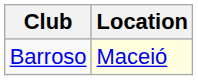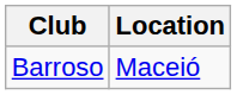 <table class="wikitable sortable">
 <tr>
 <th>Club</th>
 <th>Location</th>
 </tr>
 <tr>
 <td><a href='#'>Barroso</a></td>
-<td style="background: lightyellow;"><a href='#'>Maceió</a></td>
+<td><a href='#'>Maceió</a></td>
 </tr>
 </table>
